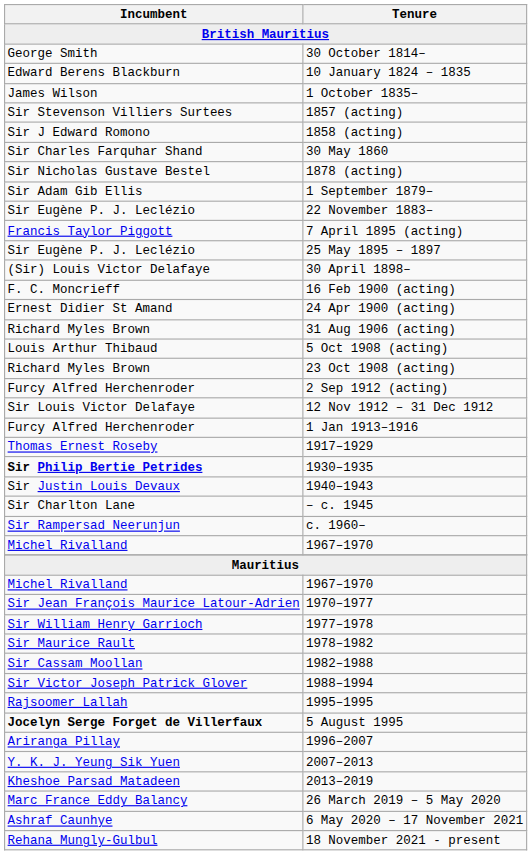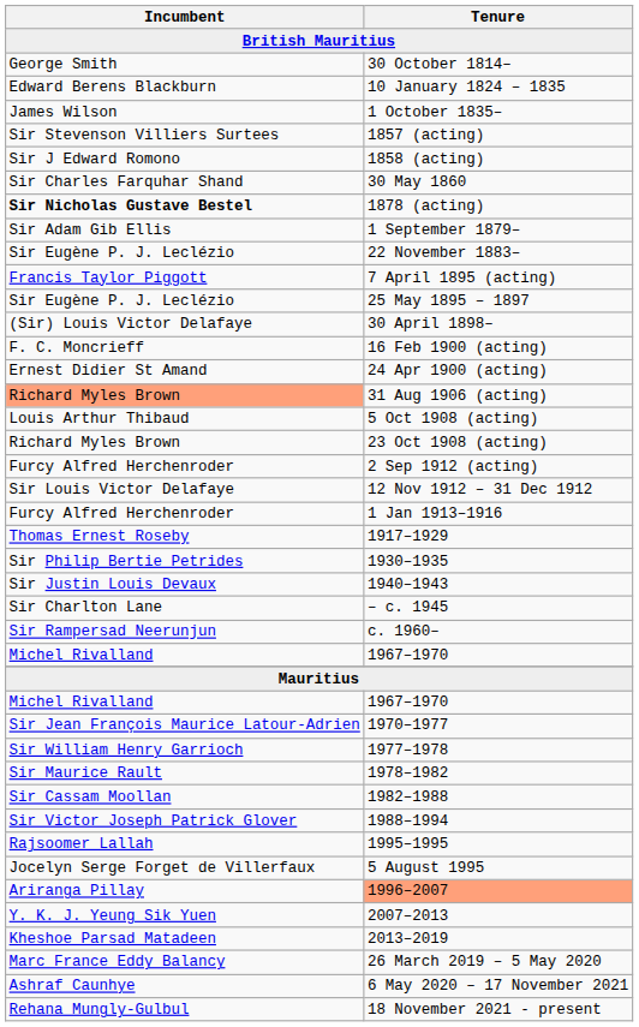 <table class="wikitable" style="font-size:85%;text-align:left">
 <tr>
 <th>Incumbent</th>
 <th>Tenure</th>
 </tr>
 <tr bgcolor=#EEEEEE>
 <td align=center colspan=8><strong><a href='#'>British Mauritius</a></strong></td>
 </tr>
 <tr>
 <td>George Smith</td>
 <td>30 October 1814–</td>
 </tr>
 <tr>
 <td>Edward Berens Blackburn</td>
 <td>10 January 1824 – 1835</td>
 </tr>
 <tr>
 <td>James Wilson</td>
 <td>1 October 1835–</td>
 </tr>
 <tr>
 <td>Sir Stevenson Villiers Surtees</td>
 <td>1857 (acting)</td>
 </tr>
 <tr>
 <td>Sir J Edward Romono</td>
 <td>1858 (acting)</td>
 </tr>
 <tr>
 <td>Sir Charles Farquhar Shand</td>
 <td>30 May 1860</td>
 </tr>
 <tr>
-<td>Sir Nicholas Gustave Bestel</td>
+<td><strong>Sir Nicholas Gustave Bestel</strong></td>
 <td>1878 (acting)</td>
 </tr>
 <tr>
 <td>Sir Adam Gib Ellis</td>
 <td>1 September 1879–</td>
 </tr>
 <tr>
 <td>Sir Eugène P. J. Leclézio</td>
 <td>22 November 1883–</td>
 </tr>
 <tr>
 <td><a href='#'>Francis Taylor Piggott</a></td>
 <td>7 April 1895 (acting)</td>
 </tr>
 <tr>
 <td>Sir Eugène P. J. Leclézio</td>
 <td>25 May 1895 – 1897</td>
 </tr>
 <tr>
 <td>(Sir) Louis Victor Delafaye</td>
 <td>30 April 1898–</td>
 </tr>
 <tr>
 <td>F. C. Moncrieff</td>
 <td>16 Feb 1900 (acting)</td>
 </tr>
 <tr>
 <td>Ernest Didier St Amand</td>
 <td>24 Apr 1900 (acting)</td>
 </tr>
 <tr>
-<td>Richard Myles Brown</td>
+<td style="background: lightsalmon;">Richard Myles Brown</td>
 <td>31 Aug 1906 (acting)</td>
 </tr>
 <tr>
 <td>Louis Arthur Thibaud</td>
 <td>5 Oct 1908 (acting)</td>
 </tr>
 <tr>
 <td>Richard Myles Brown</td>
 <td>23 Oct 1908 (acting)</td>
 </tr>
 <tr>
 <td>Furcy Alfred Herchenroder</td>
 <td>2 Sep 1912 (acting)</td>
 </tr>
 <tr>
 <td>Sir Louis Victor Delafaye</td>
 <td>12 Nov 1912 – 31 Dec 1912</td>
 </tr>
 <tr>
 <td>Furcy Alfred Herchenroder</td>
 <td>1 Jan 1913–1916</td>
 </tr>
 <tr>
 <td><a href='#'>Thomas Ernest Roseby</a></td>
 <td>1917–1929</td>
 </tr>
 <tr>
-<td><strong>Sir <a href='#'>Philip Bertie Petrides</a></strong></td>
+<td>Sir <a href='#'>Philip Bertie Petrides</a></td>
 <td>1930–1935</td>
 </tr>
 <tr>
 <td>Sir <a href='#'>Justin Louis Devaux</a></td>
 <td>1940–1943</td>
 </tr>
 <tr>
 <td>Sir Charlton Lane</td>
 <td>– c. 1945</td>
 </tr>
 <tr>
 <td><a href='#'>Sir Rampersad Neerunjun</a></td>
 <td>c. 1960–</td>
 </tr>
 <tr>
 <td><a href='#'>Michel Rivalland</a></td>
 <td>1967–1970</td>
 </tr>
 <tr>
 </tr>
 <tr bgcolor=#EEEEEE>
 <td align=center colspan=8><strong>Mauritius</strong></td>
 </tr>
 <tr>
 <td><a href='#'>Michel Rivalland</a></td>
 <td>1967–1970</td>
 </tr>
 <tr>
 <td><a href='#'>Sir Jean François Maurice Latour-Adrien</a></td>
 <td>1970–1977</td>
 </tr>
 <tr>
 <td><a href='#'>Sir William Henry Garrioch</a></td>
 <td>1977–1978</td>
 </tr>
 <tr>
 <td><a href='#'>Sir Maurice Rault</a></td>
 <td>1978–1982</td>
 </tr>
 <tr>
 <td><a href='#'>Sir Cassam Moollan</a></td>
 <td>1982–1988</td>
 </tr>
 <tr>
 <td><a href='#'>Sir Victor Joseph Patrick Glover</a></td>
 <td>1988–1994</td>
 </tr>
 <tr>
 <td><a href='#'>Rajsoomer Lallah</a></td>
 <td>1995–1995</td>
 </tr>
 <tr>
-<td><strong>Jocelyn Serge Forget de Villerfaux</strong></td>
+<td>Jocelyn Serge Forget de Villerfaux</td>
 <td>5 August 1995</td>
 </tr>
 <tr>
 <td><a href='#'>Ariranga Pillay</a></td>
-<td>1996–2007</td>
+<td style="background: lightsalmon;">1996–2007</td>
 </tr>
 <tr>
 <td><a href='#'>Y. K. J. Yeung Sik Yuen</a></td>
 <td>2007–2013</td>
 </tr>
 <tr>
 <td><a href='#'>Kheshoe Parsad Matadeen</a></td>
 <td>2013–2019</td>
 </tr>
 <tr>
 <td><a href='#'>Marc France Eddy Balancy</a></td>
 <td>26 March 2019 – 5 May 2020</td>
 </tr>
 <tr>
 <td><a href='#'>Ashraf Caunhye</a></td>
 <td>6 May 2020 – 17 November 2021</td>
 </tr>
 <tr>
 <td><a href='#'>Rehana Mungly-Gulbul</a></td>
 <td>18 November 2021 - present</td>
 </tr>
 </table>
